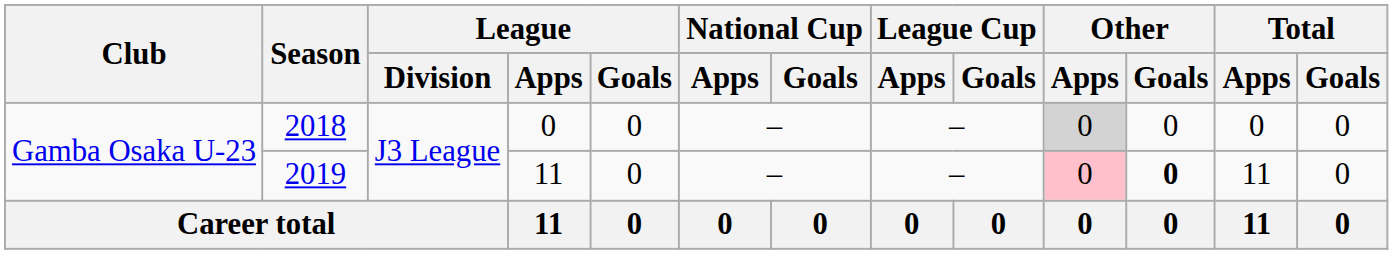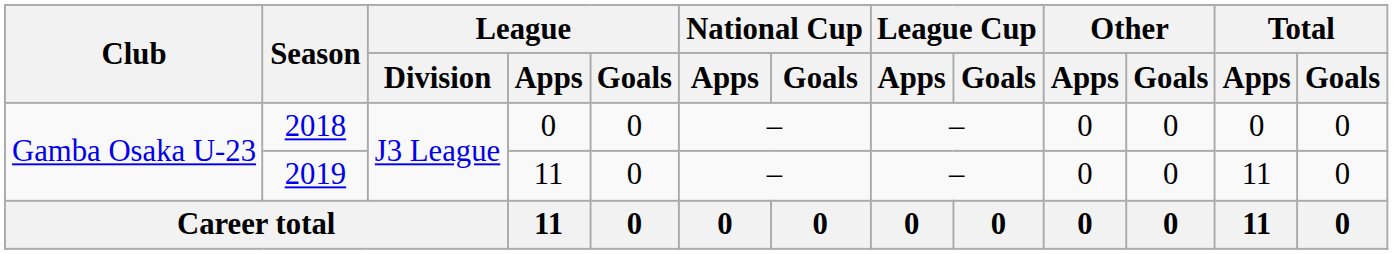 <table class="wikitable" style="text-align: center">
 <tr>
 <th rowspan="2">Club</th>
 <th rowspan="2">Season</th>
 <th colspan="3">League</th>
 <th colspan="2">National Cup</th>
 <th colspan="2">League Cup</th>
 <th colspan="2">Other</th>
 <th colspan="2">Total</th>
 </tr>
 <tr>
 <th>Division</th>
 <th>Apps</th>
 <th>Goals</th>
 <th>Apps</th>
 <th>Goals</th>
 <th>Apps</th>
 <th>Goals</th>
 <th>Apps</th>
 <th>Goals</th>
 <th>Apps</th>
 <th>Goals</th>
 </tr>
 <tr>
 <td rowspan="2"><a href='#'>Gamba Osaka U-23</a></td>
 <td><a href='#'>2018</a></td>
 <td rowspan="2"><a href='#'>J3 League</a></td>
 <td>0</td>
 <td>0</td>
 <td colspan="2">–</td>
 <td colspan="2">–</td>
-<td style="background: lightgrey;">0</td>
+<td>0</td>
 <td>0</td>
 <td>0</td>
 <td>0</td>
 </tr>
 <tr>
 <td><a href='#'>2019</a></td>
 <td>11</td>
 <td>0</td>
 <td colspan="2">–</td>
 <td colspan="2">–</td>
-<td style="background: pink;">0</td>
-<td><strong>0</strong></td>
+<td>0</td>
+<td>0</td>
 <td>11</td>
 <td>0</td>
 </tr>
 <tr>
 <th colspan=3>Career total</th>
 <th>11</th>
 <th>0</th>
 <th>0</th>
 <th>0</th>
 <th>0</th>
 <th>0</th>
 <th>0</th>
 <th>0</th>
 <th>11</th>
 <th>0</th>
 </tr>
 </table>
